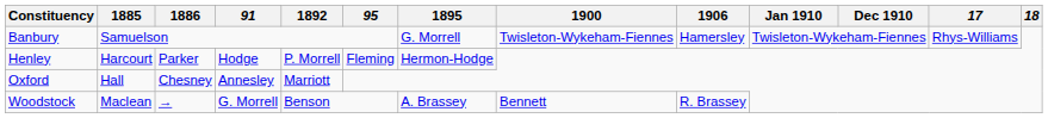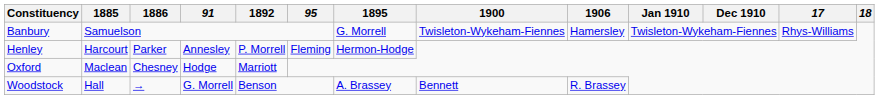 <table class="wikitable">
 <tr>
 <th>Constituency</th>
 <th>1885</th>
 <th>1886</th>
 <th><em>91</em></th>
 <th>1892</th>
 <th><em>95</em></th>
 <th>1895</th>
 <th>1900</th>
 <th>1906</th>
 <th>Jan 1910</th>
 <th>Dec 1910</th>
 <th><em>17</em></th>
 <th><em>18</em></th>
 </tr>
 <tr>
 <td><a href='#'>Banbury</a></td>
 <td colspan="5"><a href='#'>Samuelson</a></td>
 <td><a href='#'>G. Morrell</a></td>
 <td><a href='#'>Twisleton-Wykeham-Fiennes</a></td>
 <td><a href='#'>Hamersley</a></td>
 <td colspan="2"><a href='#'>Twisleton-Wykeham-Fiennes</a></td>
 <td><a href='#'>Rhys-Williams</a></td>
 </tr>
 <tr>
 <td><a href='#'>Henley</a></td>
 <td><a href='#'>Harcourt</a></td>
 <td><a href='#'>Parker</a></td>
-<td><a href='#'>Hodge</a></td>
+<td><a href='#'>Annesley</a></td>
 <td><a href='#'>P. Morrell</a></td>
 <td><a href='#'>Fleming</a></td>
 <td><a href='#'>Hermon-Hodge</a></td>
 </tr>
 <tr>
 <td><a href='#'>Oxford</a></td>
-<td><a href='#'>Hall</a></td>
+<td><a href='#'>Maclean</a></td>
 <td><a href='#'>Chesney</a></td>
-<td><a href='#'>Annesley</a></td>
+<td><a href='#'>Hodge</a></td>
 <td><a href='#'>Marriott</a></td>
 </tr>
 <tr>
 <td><a href='#'>Woodstock</a></td>
-<td><a href='#'>Maclean</a></td>
+<td><a href='#'>Hall</a></td>
 <td><a href='#'>→</a></td>
 <td><a href='#'>G. Morrell</a></td>
 <td colspan="2"><a href='#'>Benson</a></td>
 <td><a href='#'>A. Brassey</a></td>
 <td><a href='#'>Bennett</a></td>
 <td><a href='#'>R. Brassey</a></td>
 </tr>
 </table>
